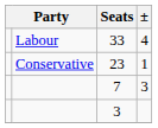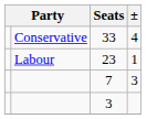 <table class="sortable wikitable">
 <tr>
 <th colspan="2">Party</th>
 <th>Seats</th>
 <th>±</th>
 </tr>
 <tr>
 <td style="background-color: "></td>
-<td><a href='#'>Labour</a></td>
+<td><a href='#'>Conservative</a></td>
 <td align="center">33</td>
 <td align="center">4</td>
 </tr>
 <tr>
 <td style="background-color: "></td>
-<td><a href='#'>Conservative</a></td>
+<td><a href='#'>Labour</a></td>
 <td align="center">23</td>
 <td align="center">1</td>
 </tr>
 <tr>
 <td style="background-color: "></td>
 <td><a href='#'></a></td>
 <td align="center">7</td>
 <td align="center">3</td>
 </tr>
 <tr>
 <td style="background-color: "></td>
 <td><a href='#'></a></td>
 <td align="center">3</td>
 <td align="center"></td>
 </tr>
 <tr>
 </tr>
 </table>
